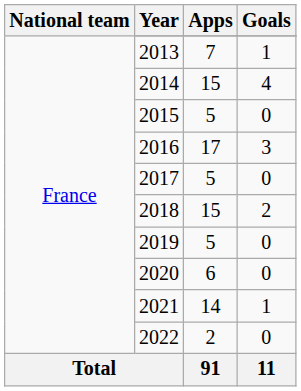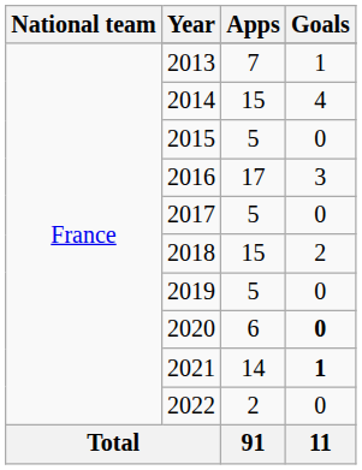 <table class=wikitable style=text-align:center>
 <tr>
 <th>National team</th>
 <th>Year</th>
 <th>Apps</th>
 <th>Goals</th>
 </tr>
 <tr>
 <td rowspan=11><a href='#'>France</a></td>
 </tr>
 <tr>
 <td>2013</td>
 <td>7</td>
 <td>1</td>
 </tr>
 <tr>
 <td>2014</td>
 <td>15</td>
 <td>4</td>
 </tr>
 <tr>
 <td>2015</td>
 <td>5</td>
 <td>0</td>
 </tr>
 <tr>
 <td>2016</td>
 <td>17</td>
 <td>3</td>
 </tr>
 <tr>
 <td>2017</td>
 <td>5</td>
 <td>0</td>
 </tr>
 <tr>
 <td>2018</td>
 <td>15</td>
 <td>2</td>
 </tr>
 <tr>
 <td>2019</td>
 <td>5</td>
 <td>0</td>
 </tr>
 <tr>
 <td>2020</td>
 <td>6</td>
-<td>0</td>
+<td><strong>0</strong></td>
 </tr>
 <tr>
 <td>2021</td>
 <td>14</td>
-<td>1</td>
+<td><strong>1</strong></td>
 </tr>
 <tr>
 <td>2022</td>
 <td>2</td>
 <td>0</td>
 </tr>
 <tr>
 <th colspan=2>Total</th>
 <th>91</th>
 <th>11</th>
 </tr>
 </table>
